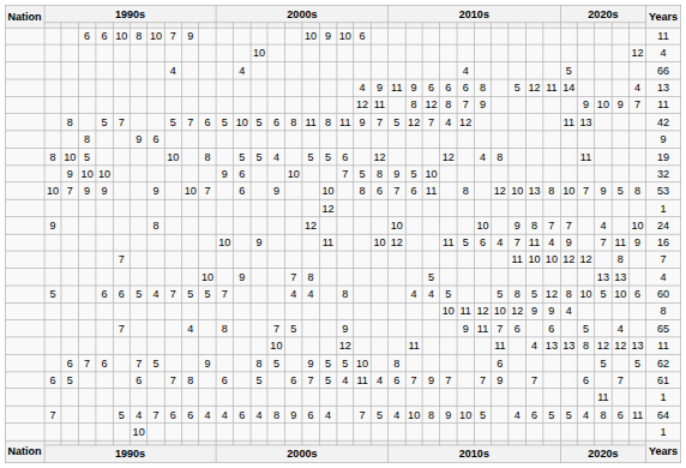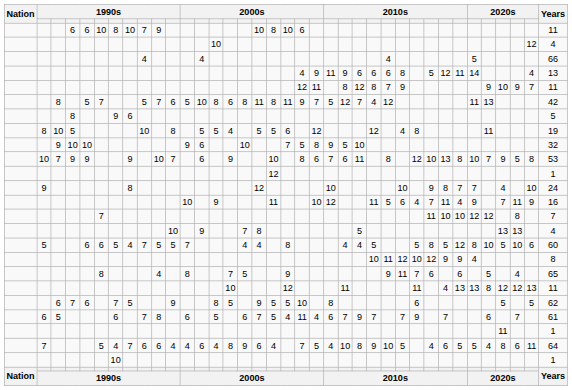 <table class="wikitable" style="text-align:center; font-size:90%;">
 <tr>
 <th rowspan=2>Nation</th>
 <th colspan=10>1990s</th>
 <th colspan=10>2000s</th>
 <th colspan=10>2010s</th>
 <th colspan=5>2020s</th>
 <th rowspan=2>Years</th>
 </tr>
 <tr>
 <th></th>
 <th></th>
 <th></th>
 <th></th>
 <th></th>
 <th></th>
 <th></th>
 <th></th>
 <th></th>
 <th></th>
 <th></th>
 <th></th>
 <th></th>
 <th></th>
 <th></th>
 <th></th>
 <th></th>
 <th></th>
 <th></th>
 <th></th>
 <th></th>
 <th></th>
 <th></th>
 <th></th>
 <th></th>
 <th></th>
 <th></th>
 <th></th>
 <th></th>
 <th></th>
 <th></th>
 <th></th>
 <th></th>
 <th></th>
 <th></th>
 </tr>
 <tr>
 <td align=left></td>
 <td></td>
 <td></td>
 <td>6</td>
 <td>6</td>
 <td>10</td>
 <td>8</td>
 <td>10</td>
 <td>7</td>
 <td>9</td>
 <td></td>
 <td></td>
 <td></td>
 <td></td>
 <td></td>
 <td></td>
 <td>10</td>
-<td>9</td>
+<td>8</td>
 <td>10</td>
 <td>6</td>
 <td></td>
 <td></td>
 <td></td>
 <td></td>
 <td></td>
 <td></td>
 <td></td>
 <td></td>
 <td></td>
 <td></td>
 <td></td>
 <td></td>
 <td></td>
 <td></td>
 <td></td>
 <td></td>
 <td>11</td>
 </tr>
 <tr>
 <td align=left></td>
 <td></td>
 <td></td>
 <td></td>
 <td></td>
 <td></td>
 <td></td>
 <td></td>
 <td></td>
 <td></td>
 <td></td>
 <td></td>
 <td></td>
 <td>10</td>
 <td></td>
 <td></td>
 <td></td>
 <td></td>
 <td></td>
 <td></td>
 <td></td>
 <td></td>
 <td></td>
 <td></td>
 <td></td>
 <td></td>
 <td></td>
 <td></td>
 <td></td>
 <td></td>
 <td></td>
 <td></td>
 <td></td>
 <td></td>
 <td></td>
 <td>12</td>
 <td>4</td>
 </tr>
 <tr>
 <td align=left></td>
 <td></td>
 <td></td>
 <td></td>
 <td></td>
 <td></td>
 <td></td>
 <td></td>
 <td>4</td>
 <td></td>
 <td></td>
 <td></td>
 <td>4</td>
 <td></td>
 <td></td>
 <td></td>
 <td></td>
 <td></td>
 <td></td>
 <td></td>
 <td></td>
 <td></td>
 <td></td>
 <td></td>
 <td></td>
 <td>4</td>
 <td></td>
 <td></td>
 <td></td>
 <td></td>
 <td></td>
 <td>5</td>
 <td></td>
 <td></td>
 <td></td>
 <td></td>
 <td>66</td>
 </tr>
 <tr>
 <td align=left></td>
 <td></td>
 <td></td>
 <td></td>
 <td></td>
 <td></td>
 <td></td>
 <td></td>
 <td></td>
 <td></td>
 <td></td>
 <td></td>
 <td></td>
 <td></td>
 <td></td>
 <td></td>
 <td></td>
 <td></td>
 <td></td>
 <td>4</td>
 <td>9</td>
 <td>11</td>
 <td>9</td>
 <td>6</td>
 <td>6</td>
 <td>6</td>
 <td>8</td>
 <td></td>
 <td>5</td>
 <td>12</td>
 <td>11</td>
 <td>14</td>
 <td></td>
 <td></td>
 <td></td>
 <td>4</td>
 <td>13</td>
 </tr>
 <tr>
 <td align=left></td>
 <td></td>
 <td></td>
 <td></td>
 <td></td>
 <td></td>
 <td></td>
 <td></td>
 <td></td>
 <td></td>
 <td></td>
 <td></td>
 <td></td>
 <td></td>
 <td></td>
 <td></td>
 <td></td>
 <td></td>
 <td></td>
 <td>12</td>
 <td>11</td>
 <td></td>
 <td>8</td>
 <td>12</td>
 <td>8</td>
 <td>7</td>
 <td>9</td>
 <td></td>
 <td></td>
 <td></td>
 <td></td>
 <td></td>
 <td>9</td>
 <td>10</td>
 <td>9</td>
 <td>7</td>
 <td>11</td>
 </tr>
 <tr>
 <td align=left></td>
 <td></td>
 <td>8</td>
 <td></td>
 <td>5</td>
 <td>7</td>
 <td></td>
 <td></td>
 <td>5</td>
 <td>7</td>
 <td>6</td>
 <td>5</td>
 <td>10</td>
-<td>5</td>
+<td>8</td>
 <td>6</td>
 <td>8</td>
 <td>11</td>
 <td>8</td>
 <td>11</td>
 <td>9</td>
 <td>7</td>
 <td>5</td>
 <td>12</td>
 <td>7</td>
 <td>4</td>
 <td>12</td>
 <td></td>
 <td></td>
 <td></td>
 <td></td>
 <td></td>
 <td>11</td>
 <td>13</td>
 <td></td>
 <td></td>
 <td></td>
 <td>42</td>
 </tr>
 <tr>
 <td align=left></td>
 <td></td>
 <td></td>
 <td>8</td>
 <td></td>
 <td></td>
 <td>9</td>
 <td>6</td>
 <td></td>
 <td></td>
 <td></td>
 <td></td>
 <td></td>
 <td></td>
 <td></td>
 <td></td>
 <td></td>
 <td></td>
 <td></td>
 <td></td>
 <td></td>
 <td></td>
 <td></td>
 <td></td>
 <td></td>
 <td></td>
 <td></td>
 <td></td>
 <td></td>
 <td></td>
 <td></td>
 <td></td>
 <td></td>
 <td></td>
 <td></td>
 <td></td>
-<td>9</td>
+<td>5</td>
 </tr>
 <tr>
 <td align=left></td>
 <td>8</td>
 <td>10</td>
 <td>5</td>
 <td></td>
 <td></td>
 <td></td>
 <td></td>
 <td>10</td>
 <td></td>
 <td>8</td>
 <td></td>
 <td>5</td>
 <td>5</td>
 <td>4</td>
 <td></td>
 <td>5</td>
 <td>5</td>
 <td>6</td>
 <td></td>
 <td>12</td>
 <td></td>
 <td></td>
 <td></td>
 <td>12</td>
 <td></td>
 <td>4</td>
 <td>8</td>
 <td></td>
 <td></td>
 <td></td>
 <td></td>
 <td>11</td>
 <td></td>
 <td></td>
 <td></td>
 <td>19</td>
 </tr>
 <tr>
 <td align=left></td>
 <td></td>
 <td>9</td>
 <td>10</td>
 <td>10</td>
 <td></td>
 <td></td>
 <td></td>
 <td></td>
 <td></td>
 <td></td>
 <td>9</td>
 <td>6</td>
 <td></td>
 <td></td>
 <td>10</td>
 <td></td>
 <td></td>
 <td>7</td>
 <td>5</td>
 <td>8</td>
 <td>9</td>
 <td>5</td>
 <td>10</td>
 <td></td>
 <td></td>
 <td></td>
 <td></td>
 <td></td>
 <td></td>
 <td></td>
 <td></td>
 <td></td>
 <td></td>
 <td></td>
 <td></td>
 <td>32</td>
 </tr>
 <tr>
 <td align=left></td>
 <td>10</td>
 <td>7</td>
 <td>9</td>
 <td>9</td>
 <td></td>
 <td></td>
 <td>9</td>
 <td></td>
 <td>10</td>
 <td>7</td>
 <td></td>
 <td>6</td>
 <td></td>
 <td>9</td>
 <td></td>
 <td></td>
 <td>10</td>
 <td></td>
 <td>8</td>
 <td>6</td>
 <td>7</td>
 <td>6</td>
 <td>11</td>
 <td></td>
 <td>8</td>
 <td></td>
 <td>12</td>
 <td>10</td>
 <td>13</td>
 <td>8</td>
 <td>10</td>
 <td>7</td>
 <td>9</td>
 <td>5</td>
 <td>8</td>
 <td>53</td>
 </tr>
 <tr>
 <td align=left></td>
 <td></td>
 <td></td>
 <td></td>
 <td></td>
 <td></td>
 <td></td>
 <td></td>
 <td></td>
 <td></td>
 <td></td>
 <td></td>
 <td></td>
 <td></td>
 <td></td>
 <td></td>
 <td></td>
 <td>12</td>
 <td></td>
 <td></td>
 <td></td>
 <td></td>
 <td></td>
 <td></td>
 <td></td>
 <td></td>
 <td></td>
 <td></td>
 <td></td>
 <td></td>
 <td></td>
 <td></td>
 <td></td>
 <td></td>
 <td></td>
 <td></td>
 <td>1</td>
 </tr>
 <tr>
 <td align=left></td>
 <td>9</td>
 <td></td>
 <td></td>
 <td></td>
 <td></td>
 <td></td>
 <td>8</td>
 <td></td>
 <td></td>
 <td></td>
 <td></td>
 <td></td>
 <td></td>
 <td></td>
 <td></td>
 <td>12</td>
 <td></td>
 <td></td>
 <td></td>
 <td></td>
 <td>10</td>
 <td></td>
 <td></td>
 <td></td>
 <td></td>
 <td>10</td>
 <td></td>
 <td>9</td>
 <td>8</td>
 <td>7</td>
 <td>7</td>
 <td></td>
 <td>4</td>
 <td></td>
 <td>10</td>
 <td>24</td>
 </tr>
 <tr>
 <td align=left></td>
 <td></td>
 <td></td>
 <td></td>
 <td></td>
 <td></td>
 <td></td>
 <td></td>
 <td></td>
 <td></td>
 <td></td>
 <td>10</td>
 <td></td>
 <td>9</td>
 <td></td>
 <td></td>
 <td></td>
 <td>11</td>
 <td></td>
 <td></td>
 <td>10</td>
 <td>12</td>
 <td></td>
 <td></td>
 <td>11</td>
 <td>5</td>
 <td>6</td>
 <td>4</td>
 <td>7</td>
 <td>11</td>
 <td>4</td>
 <td>9</td>
 <td></td>
 <td>7</td>
 <td>11</td>
 <td>9</td>
 <td>16</td>
 </tr>
 <tr>
 <td align=left></td>
 <td></td>
 <td></td>
 <td></td>
 <td></td>
 <td>7</td>
 <td></td>
 <td></td>
 <td></td>
 <td></td>
 <td></td>
 <td></td>
 <td></td>
 <td></td>
 <td></td>
 <td></td>
 <td></td>
 <td></td>
 <td></td>
 <td></td>
 <td></td>
 <td></td>
 <td></td>
 <td></td>
 <td></td>
 <td></td>
 <td></td>
 <td></td>
 <td>11</td>
 <td>10</td>
 <td>10</td>
 <td>12</td>
 <td>12</td>
 <td></td>
 <td>8</td>
 <td></td>
 <td>7</td>
 </tr>
 <tr>
 <td align=left></td>
 <td></td>
 <td></td>
 <td></td>
 <td></td>
 <td></td>
 <td></td>
 <td></td>
 <td></td>
 <td></td>
 <td>10</td>
 <td></td>
 <td>9</td>
 <td></td>
 <td></td>
 <td>7</td>
 <td>8</td>
 <td></td>
 <td></td>
 <td></td>
 <td></td>
 <td></td>
 <td></td>
 <td>5</td>
 <td></td>
 <td></td>
 <td></td>
 <td></td>
 <td></td>
 <td></td>
 <td></td>
 <td></td>
 <td></td>
 <td>13</td>
 <td>13</td>
 <td></td>
 <td>4</td>
 </tr>
 <tr>
 <td align=left></td>
 <td>5</td>
 <td></td>
 <td></td>
 <td>6</td>
 <td>6</td>
 <td>5</td>
 <td>4</td>
 <td>7</td>
 <td>5</td>
 <td>5</td>
 <td>7</td>
 <td></td>
 <td></td>
 <td></td>
 <td>4</td>
 <td>4</td>
 <td></td>
 <td>8</td>
 <td></td>
 <td></td>
 <td></td>
 <td>4</td>
 <td>4</td>
 <td>5</td>
 <td></td>
 <td></td>
 <td>5</td>
 <td>8</td>
 <td>5</td>
 <td>12</td>
 <td>8</td>
 <td>10</td>
 <td>5</td>
 <td>10</td>
 <td>6</td>
 <td>60</td>
 </tr>
 <tr>
 <td align=left></td>
 <td></td>
 <td></td>
 <td></td>
 <td></td>
 <td></td>
 <td></td>
 <td></td>
 <td></td>
 <td></td>
 <td></td>
 <td></td>
 <td></td>
 <td></td>
 <td></td>
 <td></td>
 <td></td>
 <td></td>
 <td></td>
 <td></td>
 <td></td>
 <td></td>
 <td></td>
 <td></td>
 <td>10</td>
 <td>11</td>
 <td>12</td>
 <td>10</td>
 <td>12</td>
 <td>9</td>
 <td>9</td>
 <td>4</td>
 <td></td>
 <td></td>
 <td></td>
 <td></td>
 <td>8</td>
 </tr>
 <tr>
 <td align=left></td>
 <td></td>
 <td></td>
 <td></td>
 <td></td>
-<td>7</td>
+<td>8</td>
 <td></td>
 <td></td>
 <td></td>
 <td>4</td>
 <td></td>
 <td>8</td>
 <td></td>
 <td></td>
 <td>7</td>
 <td>5</td>
 <td></td>
 <td></td>
 <td>9</td>
 <td></td>
 <td></td>
 <td></td>
 <td></td>
 <td></td>
 <td></td>
 <td>9</td>
 <td>11</td>
 <td>7</td>
 <td>6</td>
 <td></td>
 <td>6</td>
 <td></td>
 <td>5</td>
 <td></td>
 <td>4</td>
 <td></td>
 <td>65</td>
 </tr>
 <tr>
 <td align=left></td>
 <td></td>
 <td></td>
 <td></td>
 <td></td>
 <td></td>
 <td></td>
 <td></td>
 <td></td>
 <td></td>
 <td></td>
 <td></td>
 <td></td>
 <td></td>
 <td>10</td>
 <td></td>
 <td></td>
 <td></td>
 <td>12</td>
 <td></td>
 <td></td>
 <td></td>
 <td>11</td>
 <td></td>
 <td></td>
 <td></td>
 <td></td>
 <td>11</td>
 <td></td>
 <td>4</td>
 <td>13</td>
 <td>13</td>
 <td>8</td>
 <td>12</td>
 <td>12</td>
 <td>13</td>
 <td>11</td>
 </tr>
 <tr>
 <td align=left></td>
 <td></td>
 <td>6</td>
 <td>7</td>
 <td>6</td>
 <td></td>
 <td>7</td>
 <td>5</td>
 <td></td>
 <td></td>
 <td>9</td>
 <td></td>
 <td></td>
 <td>8</td>
 <td>5</td>
 <td></td>
 <td>9</td>
 <td>5</td>
 <td>5</td>
 <td>10</td>
 <td></td>
 <td>8</td>
 <td></td>
 <td></td>
 <td></td>
 <td></td>
 <td></td>
 <td>6</td>
 <td></td>
 <td></td>
 <td></td>
 <td></td>
 <td></td>
 <td>5</td>
 <td></td>
 <td>5</td>
 <td>62</td>
 </tr>
 <tr>
 <td align=left></td>
 <td>6</td>
 <td>5</td>
 <td></td>
 <td></td>
 <td></td>
 <td>6</td>
 <td></td>
 <td>7</td>
 <td>8</td>
 <td></td>
 <td>6</td>
 <td></td>
 <td>5</td>
 <td></td>
 <td>6</td>
 <td>7</td>
 <td>5</td>
 <td>4</td>
 <td>11</td>
 <td>4</td>
 <td>6</td>
 <td>7</td>
 <td>9</td>
 <td>7</td>
 <td></td>
 <td>7</td>
 <td>9</td>
 <td></td>
 <td>7</td>
 <td></td>
 <td></td>
 <td>6</td>
 <td></td>
 <td>7</td>
 <td></td>
 <td>61</td>
 </tr>
 <tr>
 <td align=left></td>
 <td></td>
 <td></td>
 <td></td>
 <td></td>
 <td></td>
 <td></td>
 <td></td>
 <td></td>
 <td></td>
 <td></td>
 <td></td>
 <td></td>
 <td></td>
 <td></td>
 <td></td>
 <td></td>
 <td></td>
 <td></td>
 <td></td>
 <td></td>
 <td></td>
 <td></td>
 <td></td>
 <td></td>
 <td></td>
 <td></td>
 <td></td>
 <td></td>
 <td></td>
 <td></td>
 <td></td>
 <td></td>
 <td>11</td>
 <td></td>
 <td></td>
 <td>1</td>
 </tr>
 <tr>
 <td align=left></td>
 <td>7</td>
 <td></td>
 <td></td>
 <td></td>
 <td>5</td>
 <td>4</td>
 <td>7</td>
 <td>6</td>
 <td>6</td>
 <td>4</td>
 <td>4</td>
 <td>6</td>
 <td>4</td>
 <td>8</td>
 <td>9</td>
 <td>6</td>
 <td>4</td>
 <td></td>
 <td>7</td>
 <td>5</td>
 <td>4</td>
 <td>10</td>
 <td>8</td>
 <td>9</td>
 <td>10</td>
 <td>5</td>
 <td></td>
 <td>4</td>
 <td>6</td>
 <td>5</td>
 <td>5</td>
 <td>4</td>
 <td>8</td>
 <td>6</td>
 <td>11</td>
 <td>64</td>
 </tr>
 <tr>
 <td align=left></td>
 <td></td>
 <td></td>
 <td></td>
 <td></td>
 <td></td>
 <td>10</td>
 <td></td>
 <td></td>
 <td></td>
 <td></td>
 <td></td>
 <td></td>
 <td></td>
 <td></td>
 <td></td>
 <td></td>
 <td></td>
 <td></td>
 <td></td>
 <td></td>
 <td></td>
 <td></td>
 <td></td>
 <td></td>
 <td></td>
 <td></td>
 <td></td>
 <td></td>
 <td></td>
 <td></td>
 <td></td>
 <td></td>
 <td></td>
 <td></td>
 <td></td>
 <td>1</td>
 </tr>
 <tr>
 <th rowspan=2>Nation</th>
 <th></th>
 <th></th>
 <th></th>
 <th></th>
 <th></th>
 <th></th>
 <th></th>
 <th></th>
 <th></th>
 <th></th>
 <th></th>
 <th></th>
 <th></th>
 <th></th>
 <th></th>
 <th></th>
 <th></th>
 <th></th>
 <th></th>
 <th></th>
 <th></th>
 <th></th>
 <th></th>
 <th></th>
 <th></th>
 <th></th>
 <th></th>
 <th></th>
 <th></th>
 <th></th>
 <th></th>
 <th></th>
 <th></th>
 <th></th>
 <th></th>
 <th rowspan=2>Years</th>
 </tr>
 <tr>
 <th colspan=10>1990s</th>
 <th colspan=10>2000s</th>
 <th colspan=10>2010s</th>
 <th colspan=5>2020s</th>
 </tr>
 </table>
